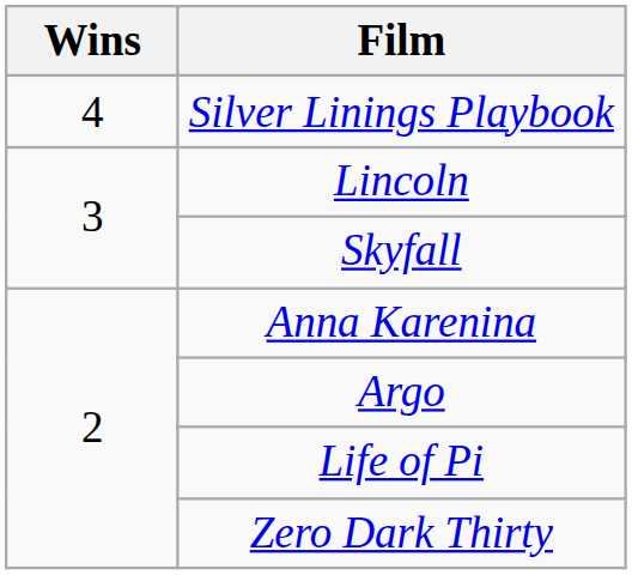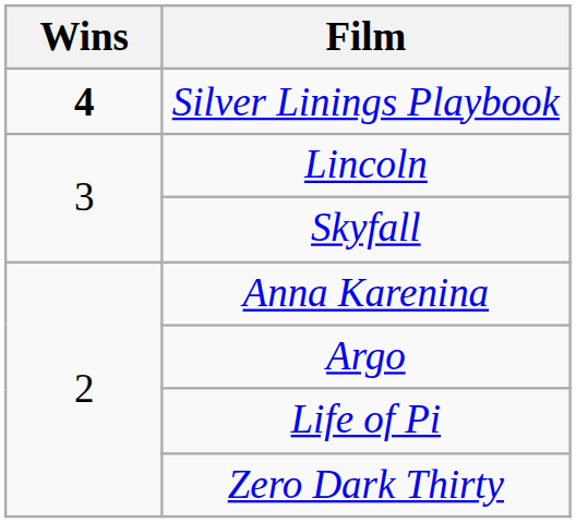 <table class="wikitable" rowspan="2" style="text-align:center;" background: #f6e39c;>
 <tr>
 <th scope="col" style="width:55px;">Wins</th>
 <th scope="col" style="text-align:center;">Film</th>
 </tr>
 <tr>
-<td>4</td>
+<td><strong>4</strong></td>
 <td><em><a href='#'>Silver Linings Playbook</a></em></td>
 </tr>
 <tr>
 <td rowspan="2">3</td>
 <td><em><a href='#'>Lincoln</a></em></td>
 </tr>
 <tr>
 <td><em><a href='#'>Skyfall</a></em></td>
 </tr>
 <tr>
 <td rowspan="4">2</td>
 <td><em><a href='#'>Anna Karenina</a></em></td>
 </tr>
 <tr>
 <td><em><a href='#'>Argo</a></em></td>
 </tr>
 <tr>
 <td><em><a href='#'>Life of Pi</a></em></td>
 </tr>
 <tr>
 <td><em><a href='#'>Zero Dark Thirty</a></em></td>
 </tr>
 </table>
